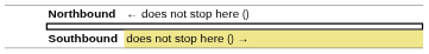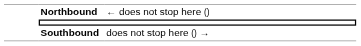 <table table border=0 cellspacing=0 cellpadding=3>
 <tr>
 <td style="border-top:solid 1px gray;border-bottom:solid 1px gray;" width=50 rowspan=3 valign=top></td>
 <td style="border-top:solid 1px gray;" width=100><strong>Northbound</strong></td>
 <td style="border-top:solid 1px gray;" width=400>←  does not stop here <small>()</small></td>
 </tr>
 <tr>
 <td style="border-top:solid 2px black;border-right:solid 2px black;border-left:solid 2px black;border-bottom:solid 2px black;text-align:center;" colspan=2></td>
 </tr>
 <tr>
 <td style="border-bottom:solid 1px gray;"><strong>Southbound</strong></td>
-<td style="background: khaki; border-bottom:solid 1px gray;"> does not stop here <small>()</small> →</td>
+<td style="border-bottom:solid 1px gray;"> does not stop here <small>()</small> →</td>
 </tr>
 </table>
